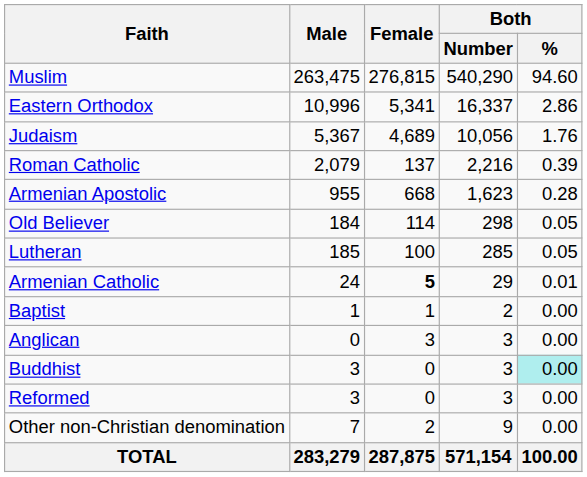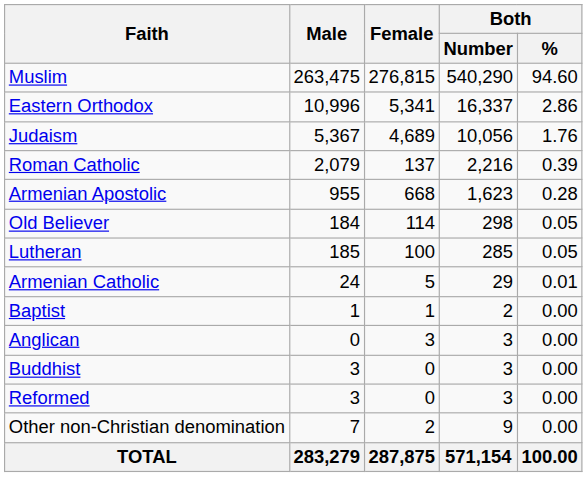 <table class="wikitable sortable">
 <tr>
 <th rowspan="2">Faith</th>
 <th rowspan="2">Male</th>
 <th rowspan="2">Female</th>
 <th colspan="2">Both</th>
 </tr>
 <tr>
 <th>Number</th>
 <th>%</th>
 </tr>
 <tr>
 <td><a href='#'>Muslim</a></td>
 <td align="right">263,475</td>
 <td align="right">276,815</td>
 <td align="right">540,290</td>
 <td align="right">94.60</td>
 </tr>
 <tr>
 <td><a href='#'>Eastern Orthodox</a></td>
 <td align="right">10,996</td>
 <td align="right">5,341</td>
 <td align="right">16,337</td>
 <td align="right">2.86</td>
 </tr>
 <tr>
 <td><a href='#'>Judaism</a></td>
 <td align="right">5,367</td>
 <td align="right">4,689</td>
 <td align="right">10,056</td>
 <td align="right">1.76</td>
 </tr>
 <tr>
 <td><a href='#'>Roman Catholic</a></td>
 <td align="right">2,079</td>
 <td align="right">137</td>
 <td align="right">2,216</td>
 <td align="right">0.39</td>
 </tr>
 <tr>
 <td><a href='#'>Armenian Apostolic</a></td>
 <td align="right">955</td>
 <td align="right">668</td>
 <td align="right">1,623</td>
 <td align="right">0.28</td>
 </tr>
 <tr>
 <td><a href='#'>Old Believer</a></td>
 <td align="right">184</td>
 <td align="right">114</td>
 <td align="right">298</td>
 <td align="right">0.05</td>
 </tr>
 <tr>
 <td><a href='#'>Lutheran</a></td>
 <td align="right">185</td>
 <td align="right">100</td>
 <td align="right">285</td>
 <td align="right">0.05</td>
 </tr>
 <tr>
 <td><a href='#'>Armenian Catholic</a></td>
 <td align="right">24</td>
-<td align="right"><strong>5</strong></td>
+<td align="right">5</td>
 <td align="right">29</td>
 <td align="right">0.01</td>
 </tr>
 <tr>
 <td><a href='#'>Baptist</a></td>
 <td align="right">1</td>
 <td align="right">1</td>
 <td align="right">2</td>
 <td align="right">0.00</td>
 </tr>
 <tr>
 <td><a href='#'>Anglican</a></td>
 <td align="right">0</td>
 <td align="right">3</td>
 <td align="right">3</td>
 <td align="right">0.00</td>
 </tr>
 <tr>
 <td><a href='#'>Buddhist</a></td>
 <td align="right">3</td>
 <td align="right">0</td>
 <td align="right">3</td>
-<td align="right" style="background: paleturquoise;">0.00</td>
+<td align="right">0.00</td>
 </tr>
 <tr>
 <td><a href='#'>Reformed</a></td>
 <td align="right">3</td>
 <td align="right">0</td>
 <td align="right">3</td>
 <td align="right">0.00</td>
 </tr>
 <tr>
 <td>Other non-Christian denomination</td>
 <td align="right">7</td>
 <td align="right">2</td>
 <td align="right">9</td>
 <td align="right">0.00</td>
 </tr>
 <tr>
 <th>TOTAL</th>
 <th>283,279</th>
 <th>287,875</th>
 <th>571,154</th>
 <th>100.00</th>
 </tr>
 </table>
